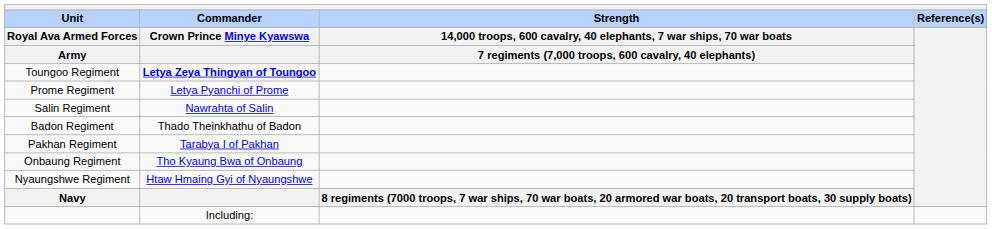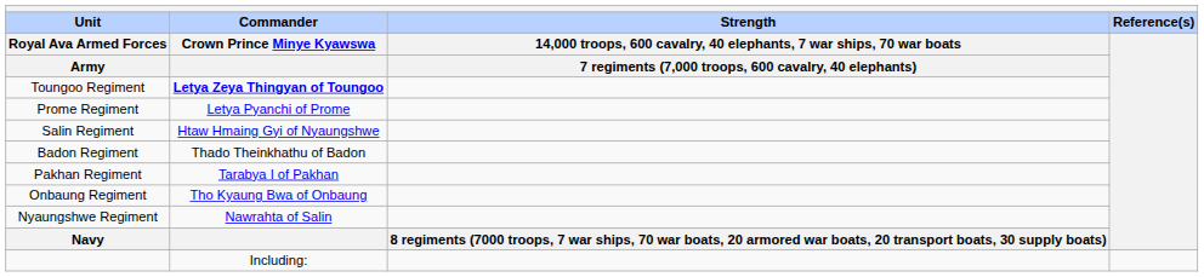 <table class="wikitable collapsible" style="min-width:60em; margin:0.3em auto; font-size:88%;">
 <tr>
 <th colspan=5></th>
 </tr>
 <tr>
 <th style="background-color:#B9D1FF">Unit</th>
 <th style="background-color:#B9D1FF">Commander</th>
 <th style="background-color:#B9D1FF">Strength</th>
 <th style="background-color:#B9D1FF">Reference(s)</th>
 </tr>
 <tr>
 <th colspan="1">Royal Ava Armed Forces</th>
 <th colspan="1">Crown Prince <a href='#'>Minye Kyawswa</a></th>
 <th colspan="1">14,000 troops, 600 cavalry, 40 elephants, 7 war ships, 70 war boats</th>
 <th rowspan="10"></th>
 </tr>
 <tr>
 <th colspan="1">Army</th>
 <th colspan="1"></th>
 <th colspan="1">7 regiments (7,000 troops, 600 cavalry, 40 elephants)</th>
 </tr>
 <tr>
 <td align="center">Toungoo Regiment</td>
 <td align="center"><strong><a href='#'>Letya Zeya Thingyan of Toungoo</a></strong></td>
 <td align="center"></td>
 </tr>
 <tr>
 <td align="center">Prome Regiment</td>
 <td align="center"><a href='#'>Letya Pyanchi of Prome</a></td>
 <td align="center"></td>
 </tr>
 <tr>
 <td align="center">Salin Regiment</td>
-<td align="center"><a href='#'>Nawrahta of Salin</a></td>
+<td align="center"><a href='#'>Htaw Hmaing Gyi of Nyaungshwe</a></td>
 <td align="center"></td>
 </tr>
 <tr>
 <td align="center">Badon Regiment</td>
 <td align="center">Thado Theinkhathu of Badon</td>
 <td align="center"></td>
 </tr>
 <tr>
 <td align="center">Pakhan Regiment</td>
 <td align="center"><a href='#'>Tarabya I of Pakhan</a></td>
 <td align="center"></td>
 </tr>
 <tr>
 <td align="center">Onbaung Regiment</td>
 <td align="center"><a href='#'>Tho Kyaung Bwa of Onbaung</a></td>
 <td align="center"></td>
 </tr>
 <tr>
 <td align="center">Nyaungshwe Regiment</td>
-<td align="center"><a href='#'>Htaw Hmaing Gyi of Nyaungshwe</a></td>
+<td align="center"><a href='#'>Nawrahta of Salin</a></td>
 <td align="center"></td>
 </tr>
 <tr>
 <th colspan="1">Navy</th>
 <th colspan="1"></th>
 <th colspan="1">8 regiments (7000 troops, 7 war ships, 70 war boats, 20 armored war boats, 20 transport boats, 30 supply boats)</th>
 </tr>
 <tr>
 <td align="center"></td>
 <td align="center">Including: </td>
 <td align="center"></td>
 <td align="center"></td>
 </tr>
 </table>
